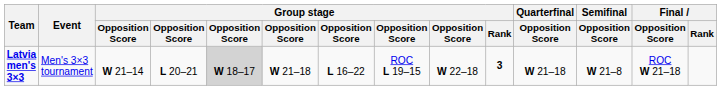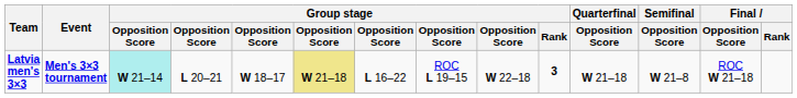 <table class="wikitable" style="font-size:90%">
 <tr>
 <th rowspan=2>Team</th>
 <th rowspan=2>Event</th>
 <th colspan=8>Group stage</th>
 <th>Quarterfinal</th>
 <th>Semifinal</th>
 <th colspan=2>Final / </th>
 </tr>
 <tr style="font-size:95%">
 <th>Opposition<br>Score</th>
 <th>Opposition<br>Score</th>
 <th>Opposition<br>Score</th>
 <th>Opposition<br>Score</th>
 <th>Opposition<br>Score</th>
 <th>Opposition<br>Score</th>
 <th>Opposition<br>Score</th>
 <th>Rank</th>
 <th>Opposition<br>Score</th>
 <th>Opposition<br>Score</th>
 <th>Opposition<br>Score</th>
 <th>Rank</th>
 </tr>
 <tr align=center>
 <td align=left><strong><a href='#'>Latvia men's 3×3</a></strong></td>
-<td align=left><a href='#'>Men's 3×3 tournament</a></td>
-<td><br><strong>W</strong> 21–14</td>
+<td align=left><strong><a href='#'>Men's 3×3 tournament</a></strong></td>
+<td style="background: paleturquoise;"><br><strong>W</strong> 21–14</td>
 <td><br><strong>L</strong> 20–21</td>
-<td style="background: lightgrey;"><br><strong>W</strong> 18–17</td>
-<td><br><strong>W</strong> 21–18</td>
+<td><br><strong>W</strong> 18–17</td>
+<td style="background: khaki;"><br><strong>W</strong> 21–18</td>
 <td><br><strong>L</strong> 16–22</td>
 <td> <a href='#'>ROC</a><br><strong>L</strong> 19–15</td>
 <td><br><strong>W</strong> 22–18</td>
 <td><strong>3</strong></td>
 <td><br><strong>W</strong> 21–18</td>
 <td><br><strong>W</strong> 21–8</td>
 <td> <a href='#'>ROC</a><br><strong>W</strong> 21–18</td>
 <td></td>
 </tr>
 </table>
